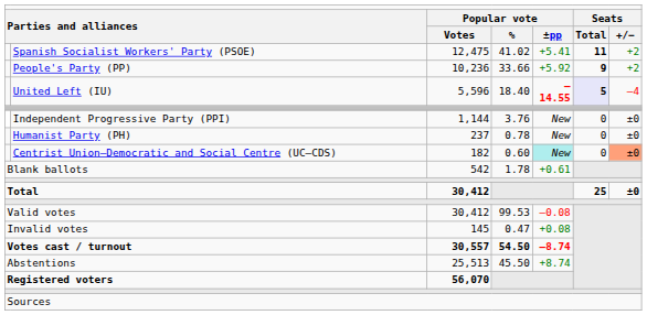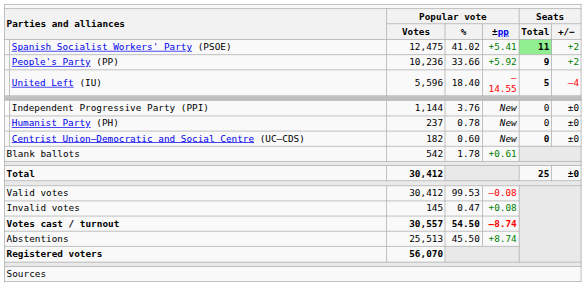 <table class="wikitable" style="text-align:right;">
 <tr>
 <td colspan="7"></td>
 </tr>
 <tr>
 <th style="text-align:left;" rowspan="2" colspan="2" width="525">Parties and alliances</th>
 <th colspan="3">Popular vote</th>
 <th colspan="2">Seats</th>
 </tr>
 <tr>
 <th width="75">Votes</th>
 <th width="45">%</th>
 <th width="45">±<a href='#'>pp</a></th>
 <th width="35">Total</th>
 <th width="35">+/−</th>
 </tr>
 <tr>
 <td width="1" style="color:inherit;background:"></td>
 <td align="left"><a href='#'>Spanish Socialist Workers' Party</a> (PSOE)</td>
 <td>12,475</td>
 <td>41.02</td>
 <td style="color:green;">+5.41</td>
-<td><strong>11</strong></td>
+<td style="background: lightgreen;"><strong>11</strong></td>
 <td style="color:green;">+2</td>
 </tr>
 <tr>
 <td style="color:inherit;background:"></td>
 <td align="left"><a href='#'>People's Party</a> (PP)</td>
 <td>10,236</td>
 <td>33.66</td>
 <td style="color:green;">+5.92</td>
 <td><strong>9</strong></td>
 <td style="color:green;">+2</td>
 </tr>
 <tr>
 <td style="color:inherit;background:"></td>
 <td align="left"><a href='#'>United Left</a> (IU)</td>
 <td>5,596</td>
 <td>18.40</td>
-<td style="color:red;"><strong>–14.55</strong></td>
-<td style="background: lavender;"><strong>5</strong></td>
+<td style="color:red;">–14.55</td>
+<td><strong>5</strong></td>
 <td style="color:red;">–4</td>
 </tr>
 <tr>
 <td colspan="7" bgcolor="#C0C0C0"></td>
 </tr>
 <tr>
 <td bgcolor="white"></td>
 <td align="left">Independent Progressive Party (PPI)</td>
 <td>1,144</td>
 <td>3.76</td>
 <td><em>New</em></td>
 <td>0</td>
 <td>±0</td>
 </tr>
 <tr>
 <td style="color:inherit;background:"></td>
 <td align="left"><a href='#'>Humanist Party</a> (PH)</td>
 <td>237</td>
 <td>0.78</td>
 <td><em>New</em></td>
 <td>0</td>
 <td>±0</td>
 </tr>
 <tr>
 <td style="color:inherit;background:"></td>
 <td align="left"><a href='#'>Centrist Union–Democratic and Social Centre</a> (UC–CDS)</td>
 <td>182</td>
 <td>0.60</td>
-<td style="background: paleturquoise;"><em>New</em></td>
-<td>0</td>
-<td style="background: lightsalmon;">±0</td>
+<td><em>New</em></td>
+<td><strong>0</strong></td>
+<td>±0</td>
 </tr>
 <tr>
 <td align="left" colspan="2">Blank ballots</td>
 <td>542</td>
 <td>1.78</td>
 <td style="color:green;">+0.61</td>
 <td bgcolor="#E9E9E9" colspan="2"></td>
 </tr>
 <tr>
 <td colspan="7" bgcolor="#E9E9E9"></td>
 </tr>
 <tr style="font-weight:bold;">
 <td align="left" colspan="2">Total</td>
 <td>30,412</td>
 <td bgcolor="#E9E9E9" colspan="2"></td>
 <td>25</td>
 <td>±0</td>
 </tr>
 <tr>
 <td colspan="7" bgcolor="#E9E9E9"></td>
 </tr>
 <tr>
 <td align="left" colspan="2">Valid votes</td>
 <td>30,412</td>
 <td>99.53</td>
 <td style="color:red;">–0.08</td>
 <td bgcolor="#E9E9E9" colspan="2" rowspan="5"></td>
 </tr>
 <tr>
 <td align="left" colspan="2">Invalid votes</td>
 <td>145</td>
 <td>0.47</td>
 <td style="color:green;">+0.08</td>
 </tr>
 <tr style="font-weight:bold;">
 <td align="left" colspan="2">Votes cast / turnout</td>
 <td>30,557</td>
 <td>54.50</td>
 <td style="color:red;">–8.74</td>
 </tr>
 <tr>
 <td align="left" colspan="2">Abstentions</td>
 <td>25,513</td>
 <td>45.50</td>
 <td style="color:green;">+8.74</td>
 </tr>
 <tr style="font-weight:bold;">
 <td align="left" colspan="2">Registered voters</td>
 <td>56,070</td>
 <td bgcolor="#E9E9E9" colspan="2"></td>
 </tr>
 <tr>
 <td colspan="7" bgcolor="#E9E9E9"></td>
 </tr>
 <tr>
 <td align="left" colspan="7">Sources</td>
 </tr>
 </table>
